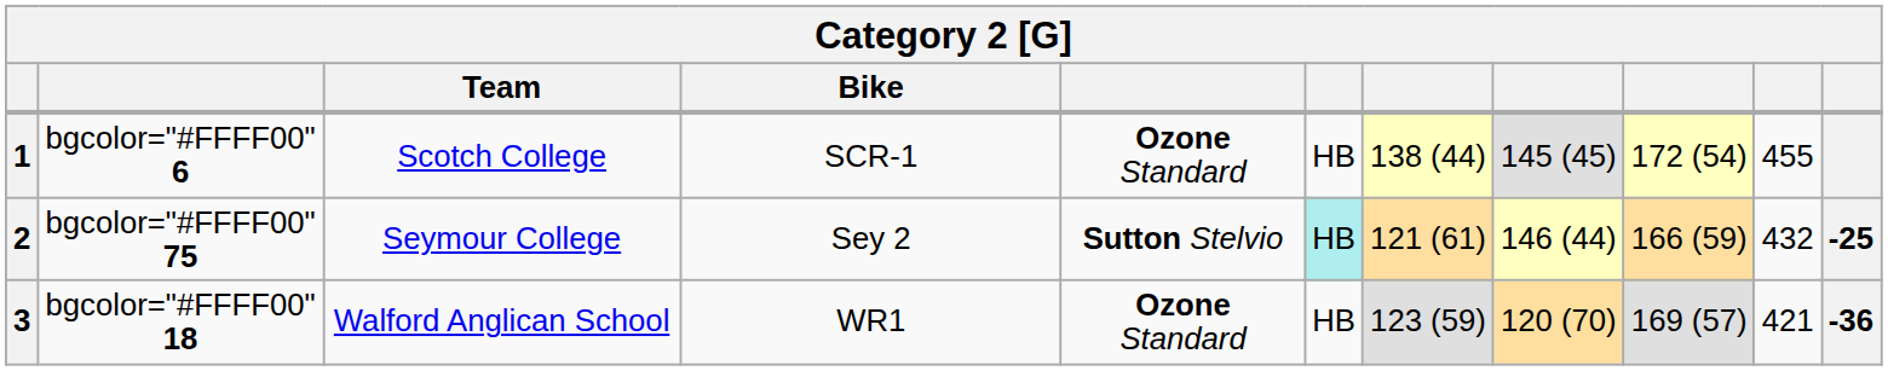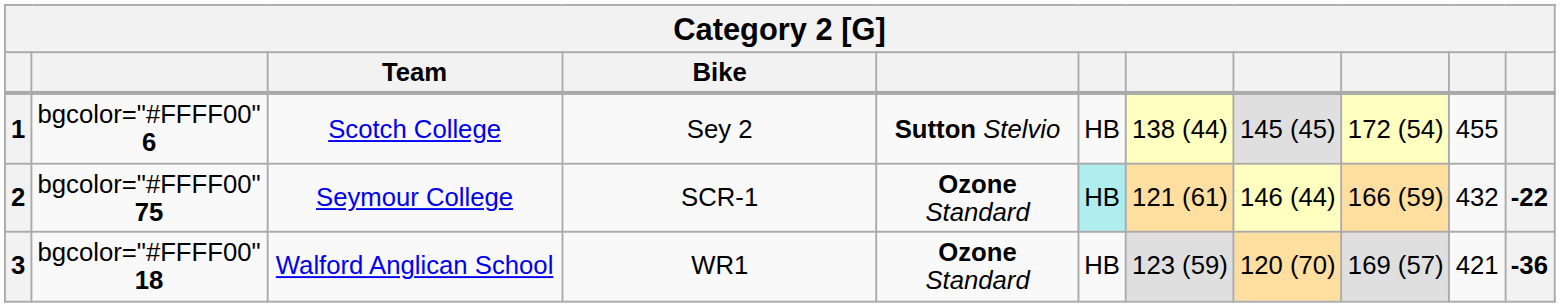 <table class="wikitable collapsible collapsed" style="font-size: 85%; text-align:center">
 <tr>
 <th colspan="11" width="500"><big>Category 2 [G]</big></th>
 </tr>
 <tr>
 <th valign="middle" width="5"></th>
 <th valign="middle" width="10"></th>
 <th valign="middle" width="150">Team</th>
 <th valign="middle" width="160">Bike</th>
 <th valign="middle" width="100"></th>
 <th valign="middle" width="6"></th>
 <th><a href='#'></a><br></th>
 <th><a href='#'></a><br></th>
 <th><a href='#'></a><br></th>
 <th valign="middle" width="4"></th>
 <th width="5" valign="middle"></th>
 </tr>
 <tr>
 </tr>
 <tr style="border-top:2px solid #aaaaaa">
 <th>1</th>
 <td>bgcolor="#FFFF00" <strong>6</strong></td>
 <td> <a href='#'>Scotch College</a></td>
-<td>SCR-1</td>
-<td><strong>Ozone</strong> <em>Standard</em></td>
+<td>Sey 2</td>
+<td><strong>Sutton</strong> <em>Stelvio</em></td>
 <td valign="middle">HB</td>
 <td bgcolor="#FFFFBF">138 (44)</td>
 <td bgcolor="#dfdfdf">145 (45)</td>
 <td bgcolor="#FFFFBF">172 (54)</td>
 <td>455</td>
 <th></th>
 </tr>
 <tr>
 <th>2</th>
 <td>bgcolor="#FFFF00" <strong>75</strong></td>
 <td> <a href='#'>Seymour College</a></td>
-<td>Sey 2</td>
-<td><strong>Sutton</strong> <em>Stelvio</em></td>
+<td>SCR-1</td>
+<td><strong>Ozone</strong> <em>Standard</em></td>
 <td valign="middle" style="background: paleturquoise;">HB</td>
 <td bgcolor="#ffdf9f">121 (61)</td>
 <td bgcolor="#FFFFBF">146 (44)</td>
 <td bgcolor="#ffdf9f">166 (59)</td>
 <td>432</td>
-<th>-25</th>
+<th>-22</th>
 </tr>
 <tr>
 <th>3</th>
 <td>bgcolor="#FFFF00" <strong>18</strong></td>
 <td> <a href='#'>Walford Anglican School</a></td>
 <td>WR1</td>
 <td><strong>Ozone</strong> <em>Standard</em></td>
 <td valign="middle">HB</td>
 <td bgcolor="#dfdfdf">123 (59)</td>
 <td bgcolor="#ffdf9f">120 (70)</td>
 <td bgcolor="#dfdfdf">169 (57)</td>
 <td>421</td>
 <th>-36</th>
 </tr>
 </table>
